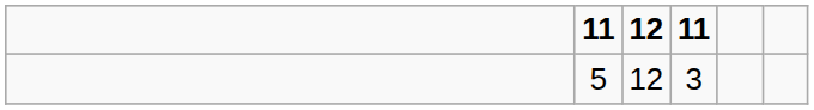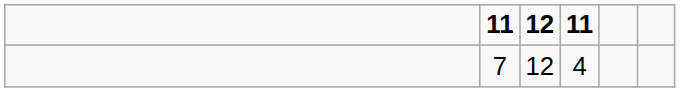 <table class="wikitable">
 <tr>
 <td style="width:18em"></td>
 <td align=center style="width:1em"><strong>11</strong></td>
 <td align=center style="width:1em"><strong>12</strong></td>
 <td align=center style="width:1em"><strong>11</strong></td>
 <td align=center style="width:1em"></td>
 <td align=center style="width:1em"></td>
 </tr>
 <tr>
 <td style="width:18em"></td>
-<td align=center style="width:1em">5</td>
+<td align=center style="width:1em">7</td>
 <td align=center style="width:1em">12</td>
-<td align=center style="width:1em">3</td>
+<td align=center style="width:1em">4</td>
 <td align=center style="width:1em"></td>
 <td align=center style="width:1em"></td>
 </tr>
 </table>
